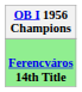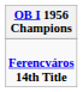 <table class="wikitable" style="text-align: center; margin: 0 auto;">
 <tr>
 <th><a href='#'>OB I</a> 1956<br>Champions</th>
 </tr>
 <tr>
 </tr>
 <tr>
-<td style="background: lightgreen;"> <br><strong><a href='#'>Ferencváros</a></strong><br><strong>14th Title</strong></td>
+<td> <br><strong><a href='#'>Ferencváros</a></strong><br><strong>14th Title</strong></td>
 </tr>
 </table>
